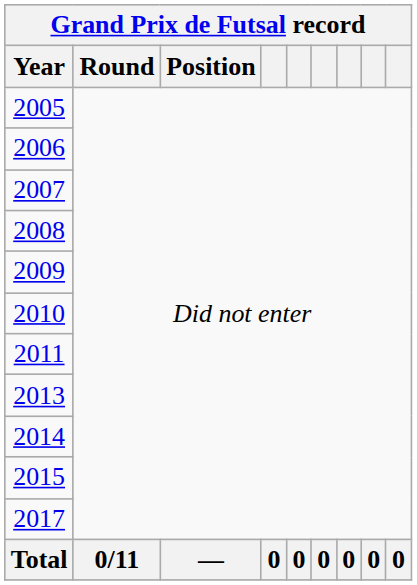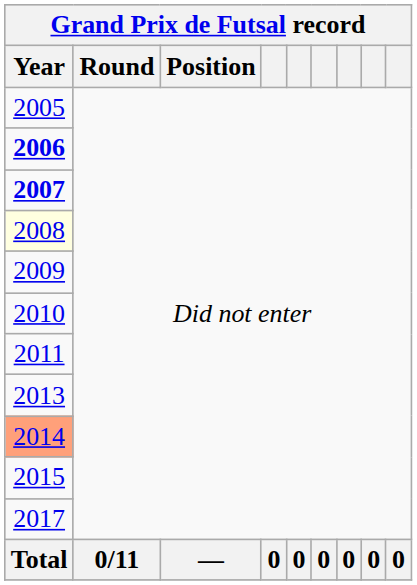 <table class="wikitable" style="text-align: center;">
 <tr>
 <th colspan=9><a href='#'>Grand Prix de Futsal</a> record</th>
 </tr>
 <tr>
 <th>Year</th>
 <th>Round</th>
 <th>Position</th>
 <th></th>
 <th></th>
 <th></th>
 <th></th>
 <th></th>
 <th></th>
 </tr>
 <tr>
 <td> <a href='#'>2005</a></td>
 <td colspan=10 rowspan=11><em>Did not enter</em></td>
 </tr>
 <tr>
-<td> <a href='#'>2006</a></td>
+<td><strong> <a href='#'>2006</a></strong></td>
 </tr>
 <tr>
-<td> <a href='#'>2007</a></td>
+<td><strong> <a href='#'>2007</a></strong></td>
 </tr>
 <tr>
-<td> <a href='#'>2008</a></td>
+<td style="background: lightyellow;"> <a href='#'>2008</a></td>
 </tr>
 <tr>
 <td> <a href='#'>2009</a></td>
 </tr>
 <tr>
 <td> <a href='#'>2010</a></td>
 </tr>
 <tr>
 <td> <a href='#'>2011</a></td>
 </tr>
 <tr>
 <td> <a href='#'>2013</a></td>
 </tr>
 <tr>
-<td> <a href='#'>2014</a></td>
+<td style="background: lightsalmon;"> <a href='#'>2014</a></td>
 </tr>
 <tr>
 <td> <a href='#'>2015</a></td>
 </tr>
 <tr>
 <td> <a href='#'>2017</a></td>
 </tr>
 <tr>
 <th><strong>Total</strong></th>
 <th>0/11</th>
 <th>—</th>
 <th>0</th>
 <th>0</th>
 <th>0</th>
 <th>0</th>
 <th>0</th>
 <th>0</th>
 </tr>
 </table>
